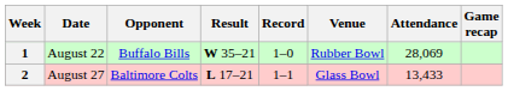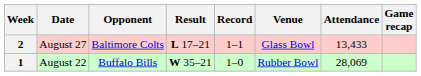 <table class="wikitable" style="text-align:center">
 <tr>
 <th>Week</th>
 <th>Date</th>
 <th>Opponent</th>
 <th>Result</th>
 <th>Record</th>
 <th>Venue</th>
 <th>Attendance</th>
 <th>Game<br>recap</th>
 </tr>
+<tr style="background: #fcc;">
+<th>2</th>
+<td>August 27</td>
+<td><a href='#'>Baltimore Colts</a></td>
+<td style="text-align:center; background:#fcc;"><strong>L</strong> 17–21</td>
+<td style="text-align:center; background:#fcc;">1–1</td>
+<td><a href='#'>Glass Bowl</a></td>
+<td style="text-align:center;">13,433</td>
+<td style="text-align:center;"></td>
+</tr>
 <tr style="background: #cfc;">
 <th>1</th>
 <td>August 22</td>
 <td><a href='#'>Buffalo Bills</a></td>
 <td style="text-align:center; background:#cfc;"><strong>W</strong> 35–21</td>
 <td style="text-align:center; background:#cfc;">1–0</td>
 <td><a href='#'>Rubber Bowl</a></td>
 <td style="text-align:center;">28,069</td>
 <td style="text-align:center;"></td>
 </tr>
-<tr style="background: #fcc;">
-<th>2</th>
-<td>August 27</td>
-<td><a href='#'>Baltimore Colts</a></td>
-<td style="text-align:center; background:#fcc;"><strong>L</strong> 17–21</td>
-<td style="text-align:center; background:#fcc;">1–1</td>
-<td><a href='#'>Glass Bowl</a></td>
-<td style="text-align:center;">13,433</td>
-<td style="text-align:center;"></td>
-</tr>
 </table>
